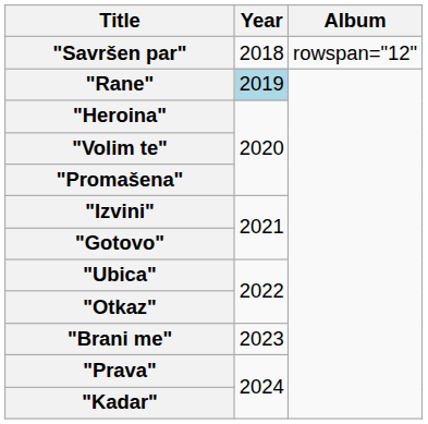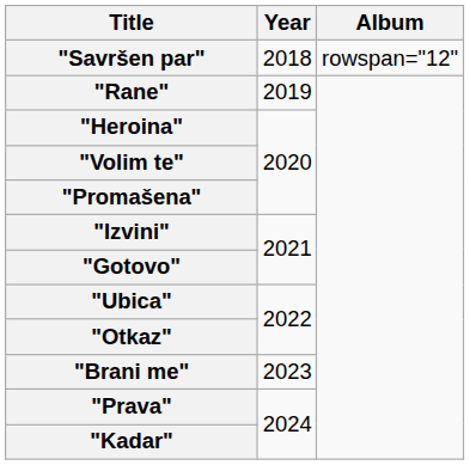 <table class="wikitable plainrowheaders" style="text-align:center;">
 <tr>
 <th scope="col" style="width:11em;">Title</th>
 <th scope="col">Year</th>
 <th scope="col">Album</th>
 </tr>
 <tr>
 <th scope="row">"Savršen par"</th>
 <td>2018</td>
 <td>rowspan="12" </td>
 </tr>
 <tr>
 <th scope="row">"Rane"</th>
-<td style="background: lightblue;">2019</td>
+<td>2019</td>
 </tr>
 <tr>
 <th scope="row">"Heroina"</th>
 <td rowspan="3">2020</td>
 </tr>
 <tr>
 <th scope="row">"Volim te"</th>
 </tr>
 <tr>
 <th scope="row">"Promašena"</th>
 </tr>
 <tr>
 <th scope="row">"Izvini"</th>
 <td rowspan="2">2021</td>
 </tr>
 <tr>
 <th scope="row">"Gotovo"</th>
 </tr>
 <tr>
 <th scope="row">"Ubica"</th>
 <td rowspan="2">2022</td>
 </tr>
 <tr>
 <th scope="row">"Otkaz"<br></th>
 </tr>
 <tr>
 <th scope="row">"Brani me"</th>
 <td>2023</td>
 </tr>
 <tr>
 <th scope="row">"Prava"</th>
 <td rowspan="2">2024</td>
 </tr>
 <tr>
 <th scope="row">"Kadar"</th>
 </tr>
 </table>
